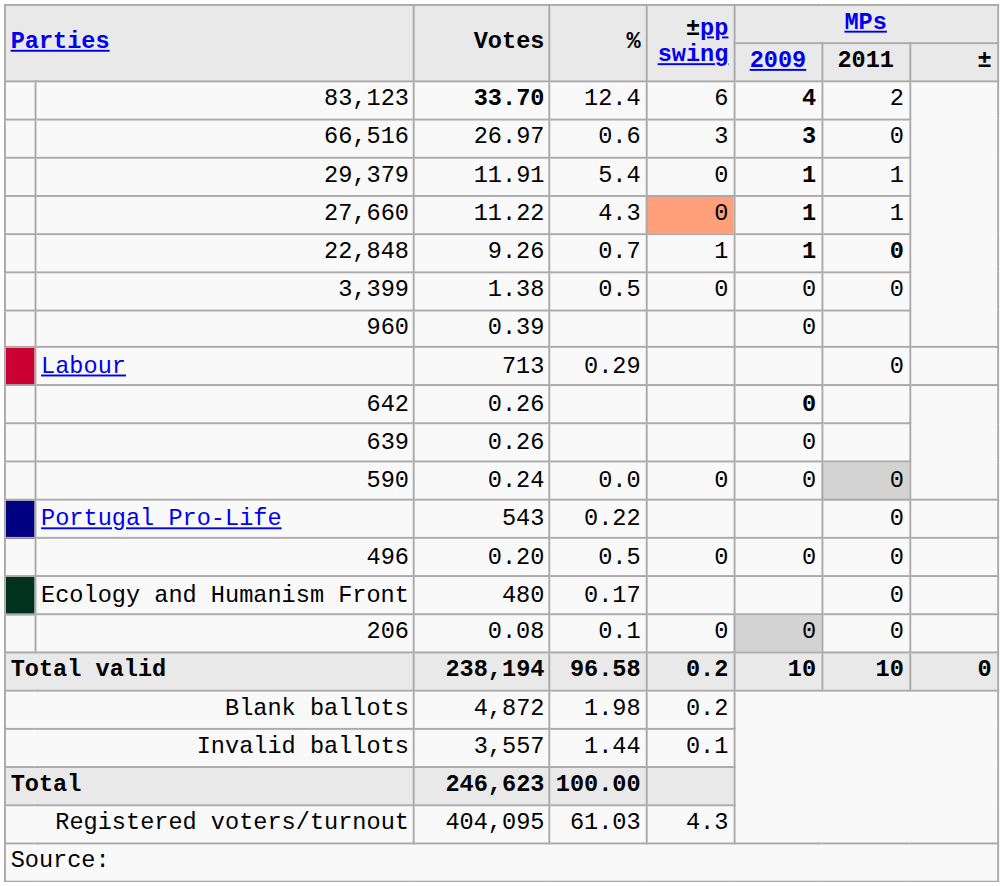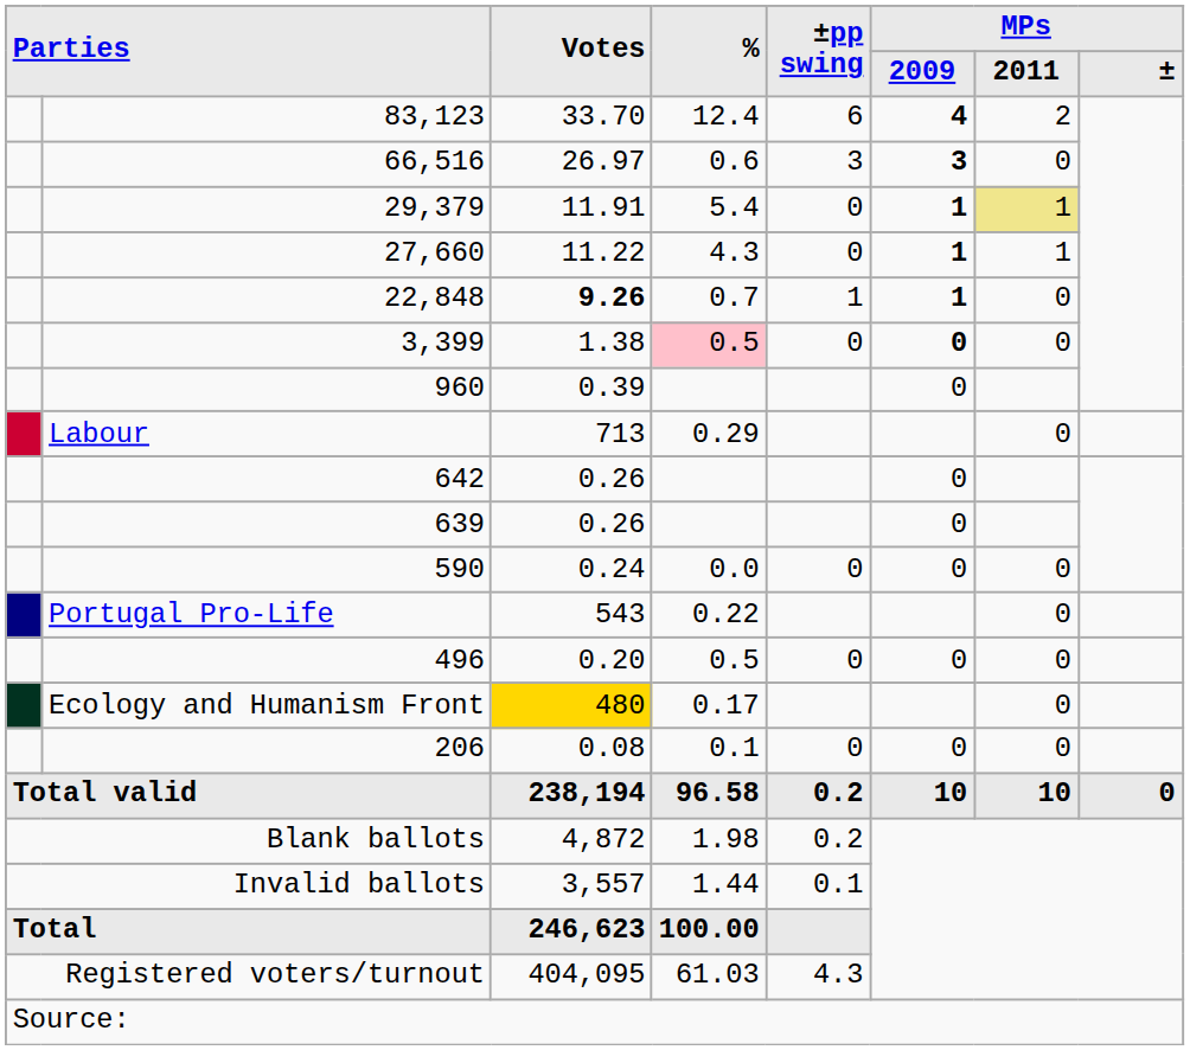 <table class="wikitable" style="text-align:right; font-size:95%;">
 <tr>
 <th rowspan="2" colspan="2" style="background:#e9e9e9; text-align:left;" alignleft><a href='#'>Parties</a></th>
 <th rowspan="2" style="background:#e9e9e9; text-align:right;">Votes</th>
 <th rowspan="2" style="background:#e9e9e9; text-align:right;">%</th>
 <th rowspan="2" style="background:#e9e9e9; text-align:right;">±<a href='#'>pp</a> <a href='#'>swing</a></th>
 <th colspan="3" style="background:#e9e9e9; text-align:center;"><a href='#'>MPs</a></th>
 </tr>
 <tr style="background-color:#E9E9E9">
 <th style="background-color:#E9E9E9;text-align:center;"><a href='#'>2009</a></th>
 <th style="background-color:#E9E9E9;text-align:center;">2011</th>
 <th style="background:#e9e9e9; text-align:right;">±</th>
 </tr>
 <tr>
 <td></td>
 <td>83,123</td>
-<td><strong>33.70</strong></td>
+<td>33.70</td>
 <td>12.4</td>
 <td>6</td>
 <td><strong>4</strong></td>
 <td>2</td>
 </tr>
 <tr>
 <td></td>
 <td>66,516</td>
 <td>26.97</td>
 <td>0.6</td>
 <td>3</td>
 <td><strong>3</strong></td>
 <td>0</td>
 </tr>
 <tr>
 <td></td>
 <td>29,379</td>
 <td>11.91</td>
 <td>5.4</td>
 <td>0</td>
 <td><strong>1</strong></td>
-<td>1</td>
+<td style="background: khaki;">1</td>
 </tr>
 <tr>
 <td></td>
 <td>27,660</td>
 <td>11.22</td>
 <td>4.3</td>
-<td style="background: lightsalmon;">0</td>
+<td>0</td>
 <td><strong>1</strong></td>
 <td>1</td>
 </tr>
 <tr>
 <td></td>
 <td>22,848</td>
-<td>9.26</td>
+<td><strong>9.26</strong></td>
 <td>0.7</td>
 <td>1</td>
 <td><strong>1</strong></td>
-<td><strong>0</strong></td>
+<td>0</td>
 </tr>
 <tr>
 <td></td>
 <td>3,399</td>
 <td>1.38</td>
-<td>0.5</td>
+<td style="background: pink;">0.5</td>
 <td>0</td>
-<td>0</td>
+<td><strong>0</strong></td>
 <td>0</td>
 </tr>
 <tr>
 <td></td>
 <td>960</td>
 <td>0.39</td>
 <td></td>
 <td></td>
 <td>0</td>
 <td></td>
 </tr>
 <tr>
 <td style="width: 10px" bgcolor=#CC0033 align="center"></td>
 <td align=left><a href='#'>Labour</a></td>
 <td>713</td>
 <td>0.29</td>
 <td></td>
 <td></td>
 <td>0</td>
 <td></td>
 </tr>
 <tr>
 <td></td>
 <td>642</td>
 <td>0.26</td>
 <td></td>
 <td></td>
-<td><strong>0</strong></td>
+<td>0</td>
 <td></td>
 </tr>
 <tr>
 <td></td>
 <td>639</td>
 <td>0.26</td>
 <td></td>
 <td></td>
 <td>0</td>
 <td></td>
 </tr>
 <tr>
 <td></td>
 <td>590</td>
 <td>0.24</td>
 <td>0.0</td>
 <td>0</td>
 <td>0</td>
-<td style="background: lightgrey;">0</td>
+<td>0</td>
 </tr>
 <tr>
 <td style="width:10px;background-color:#000080;text-align:center;"></td>
 <td style="text-align:left;"><a href='#'>Portugal Pro-Life</a></td>
 <td>543</td>
 <td>0.22</td>
 <td></td>
 <td></td>
 <td>0</td>
 <td></td>
 </tr>
 <tr>
 <td></td>
 <td>496</td>
 <td>0.20</td>
 <td>0.5</td>
 <td>0</td>
 <td>0</td>
 <td>0</td>
 </tr>
 <tr>
 <td style="width:10px;background-color:#013220;text-align:center;"></td>
 <td style="text-align:left;">Ecology and Humanism Front </td>
-<td>480</td>
+<td style="background: gold;">480</td>
 <td>0.17</td>
 <td></td>
 <td></td>
 <td>0</td>
 <td></td>
 </tr>
 <tr>
 <td></td>
 <td>206</td>
 <td>0.08</td>
 <td>0.1</td>
 <td>0</td>
-<td style="background: lightgrey;">0</td>
+<td>0</td>
 <td>0</td>
 </tr>
 <tr>
 <td colspan=2 align=left style="background-color:#E9E9E9"><strong>Total valid</strong></td>
 <td width="65" align="right" style="background-color:#E9E9E9"><strong>238,194</strong></td>
 <td width="40" align="right" style="background-color:#E9E9E9"><strong>96.58</strong></td>
 <td width="40" align="right" style="background-color:#E9E9E9"><strong>0.2</strong></td>
 <td width="40" align="right" style="background-color:#E9E9E9"><strong>10</strong></td>
 <td width="40" align="right" style="background-color:#E9E9E9"><strong>10</strong></td>
 <td width="40" align="right" style="background-color:#E9E9E9"><strong>0</strong></td>
 </tr>
 <tr>
 <td colspan=2>Blank ballots</td>
 <td>4,872</td>
 <td>1.98</td>
 <td>0.2</td>
 <td colspan=4 rowspan=4></td>
 </tr>
 <tr>
 <td colspan=2>Invalid ballots</td>
 <td>3,557</td>
 <td>1.44</td>
 <td>0.1</td>
 </tr>
 <tr>
 <td colspan=2 align=left style="background-color:#E9E9E9"><strong>Total</strong></td>
 <td width="50" align="right" style="background-color:#E9E9E9"><strong>246,623</strong></td>
 <td width="40" align="right" style="background-color:#E9E9E9"><strong>100.00</strong></td>
 <td width="40" align="right" style="background-color:#E9E9E9"></td>
 </tr>
 <tr>
 <td colspan=2>Registered voters/turnout</td>
 <td>404,095</td>
 <td>61.03</td>
 <td>4.3</td>
 </tr>
 <tr>
 <td colspan=11 align=left>Source: </td>
 </tr>
 </table>
